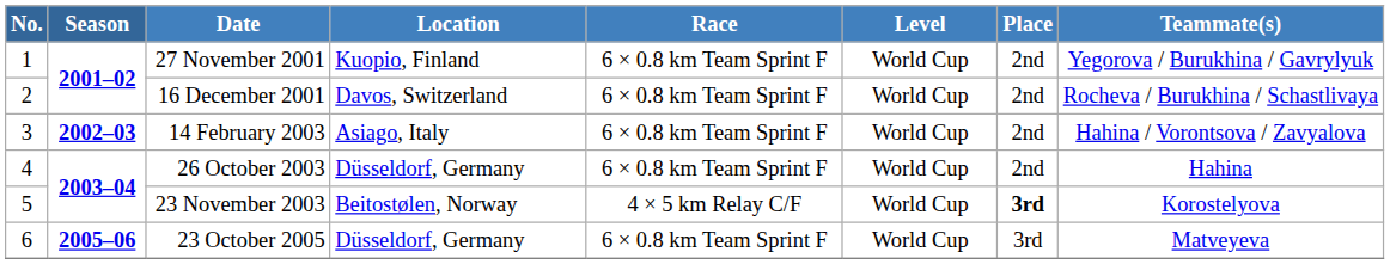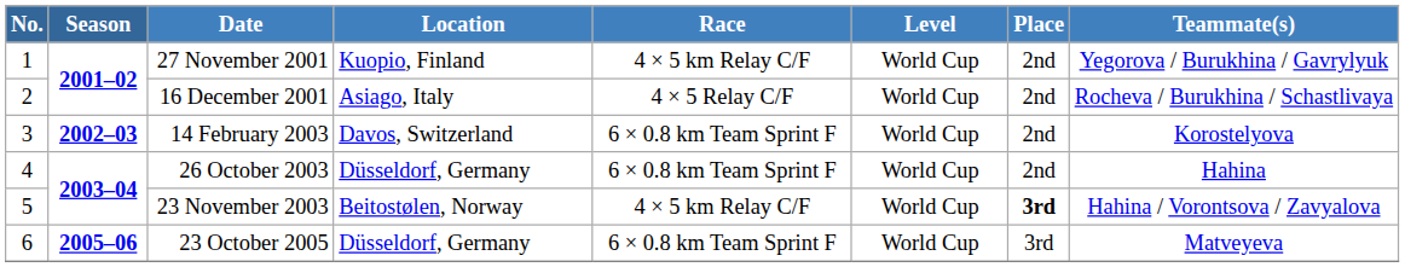 <table class="wikitable sortable" style="font-size:95%; text-align:center; border:grey solid 1px; border-collapse:collapse; background:#ffffff;">
 <tr style="background:#efefef;">
 <th style="background-color:#369; color:white;">No.</th>
 <th style="background-color:#369; color:white;">Season</th>
 <th style="background-color:#4180be; color:white; width:120px;">Date</th>
 <th style="background-color:#4180be; color:white; width:170px;">Location</th>
 <th style="background-color:#4180be; color:white; width:170px;">Race</th>
 <th style="background-color:#4180be; color:white; width:100px;">Level</th>
 <th style="background-color:#4180be; color:white;">Place</th>
 <th style="background-color:#4180be; color:white;">Teammate(s)</th>
 </tr>
 <tr>
 <td align=center>1</td>
 <td rowspan=2 align=center><strong> <a href='#'>2001–02</a> </strong></td>
 <td align=right>27 November 2001</td>
 <td align=left> <a href='#'>Kuopio</a>, Finland</td>
-<td>6 × 0.8 km Team Sprint F</td>
+<td>4 × 5 km Relay C/F</td>
 <td>World Cup</td>
 <td>2nd</td>
 <td><a href='#'>Yegorova</a> / <a href='#'>Burukhina</a> / <a href='#'>Gavrylyuk</a></td>
 </tr>
 <tr>
 <td align=center>2</td>
 <td align=right>16 December 2001</td>
-<td align=left> <a href='#'>Davos</a>, Switzerland</td>
-<td>6 × 0.8 km Team Sprint F</td>
+<td align=left> <a href='#'>Asiago</a>, Italy</td>
+<td>4 × 5 Relay C/F</td>
 <td>World Cup</td>
 <td>2nd</td>
 <td><a href='#'>Rocheva</a> / <a href='#'>Burukhina</a> / <a href='#'>Schastlivaya</a></td>
 </tr>
 <tr>
 <td align=center>3</td>
 <td rowspan=1 align=center><strong> <a href='#'>2002–03</a> </strong></td>
 <td align=right>14 February 2003</td>
-<td align=left> <a href='#'>Asiago</a>, Italy</td>
+<td align=left> <a href='#'>Davos</a>, Switzerland</td>
 <td>6 × 0.8 km Team Sprint F</td>
 <td>World Cup</td>
 <td>2nd</td>
-<td><a href='#'>Hahina</a> / <a href='#'>Vorontsova</a> / <a href='#'>Zavyalova</a></td>
+<td><a href='#'>Korostelyova</a></td>
 </tr>
 <tr>
 <td align=center>4</td>
 <td rowspan=2 align=center><strong> <a href='#'>2003–04</a> </strong></td>
 <td align=right>26 October 2003</td>
 <td align=left> <a href='#'>Düsseldorf</a>, Germany</td>
 <td>6 × 0.8 km Team Sprint F</td>
 <td>World Cup</td>
 <td>2nd</td>
 <td><a href='#'>Hahina</a></td>
 </tr>
 <tr>
 <td align=center>5</td>
 <td align=right>23 November 2003</td>
 <td align=left> <a href='#'>Beitostølen</a>, Norway</td>
 <td>4 × 5 km Relay C/F</td>
 <td>World Cup</td>
 <td><strong>3rd</strong></td>
-<td><a href='#'>Korostelyova</a></td>
+<td><a href='#'>Hahina</a> / <a href='#'>Vorontsova</a> / <a href='#'>Zavyalova</a></td>
 </tr>
 <tr>
 <td align=center>6</td>
 <td rowspan=1 align=center><strong> <a href='#'>2005–06</a> </strong></td>
 <td align=right>23 October 2005</td>
 <td align=left> <a href='#'>Düsseldorf</a>, Germany</td>
 <td>6 × 0.8 km Team Sprint F</td>
 <td>World Cup</td>
 <td>3rd</td>
 <td><a href='#'>Matveyeva</a></td>
 </tr>
 <tr>
 </tr>
 </table>
